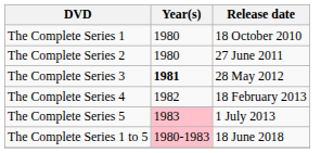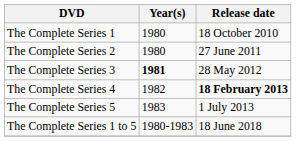 <table class="wikitable">
 <tr>
 <th>DVD</th>
 <th>Year(s)</th>
 <th>Release date</th>
 </tr>
 <tr>
 <td>The Complete Series 1</td>
 <td>1980</td>
 <td>18 October 2010</td>
 </tr>
 <tr>
 <td>The Complete Series 2</td>
 <td>1980</td>
 <td>27 June 2011</td>
 </tr>
 <tr>
 <td>The Complete Series 3</td>
 <td><strong>1981</strong></td>
 <td>28 May 2012</td>
 </tr>
 <tr>
 <td>The Complete Series 4</td>
 <td>1982</td>
-<td>18 February 2013</td>
+<td><strong>18 February 2013</strong></td>
 </tr>
 <tr>
 <td>The Complete Series 5</td>
-<td style="background: pink;">1983</td>
+<td>1983</td>
 <td>1 July 2013</td>
 </tr>
 <tr>
 <td>The Complete Series 1 to 5</td>
-<td style="background: pink;">1980-1983</td>
+<td>1980-1983</td>
 <td>18 June 2018</td>
 </tr>
 <tr>
 </tr>
 </table>
